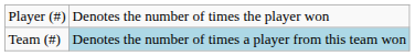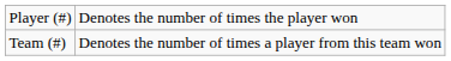 <table class="wikitable">
 <tr>
 <td>Player (#)</td>
 <td>Denotes the number of times the player won</td>
 </tr>
 <tr>
 <td>Team (#)</td>
-<td style="background: lightblue;">Denotes the number of times a player from this team won</td>
+<td>Denotes the number of times a player from this team won</td>
 </tr>
 </table>
